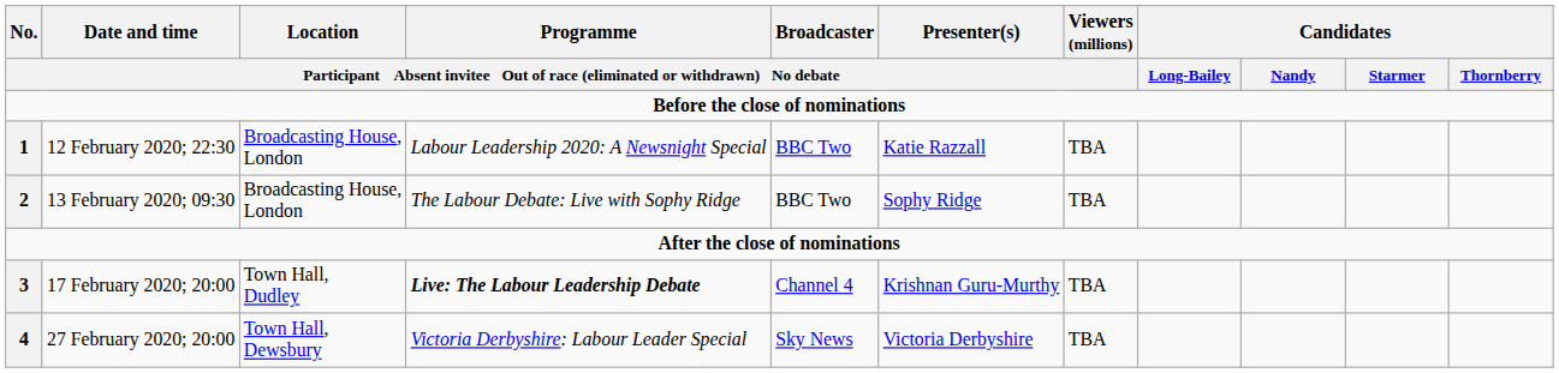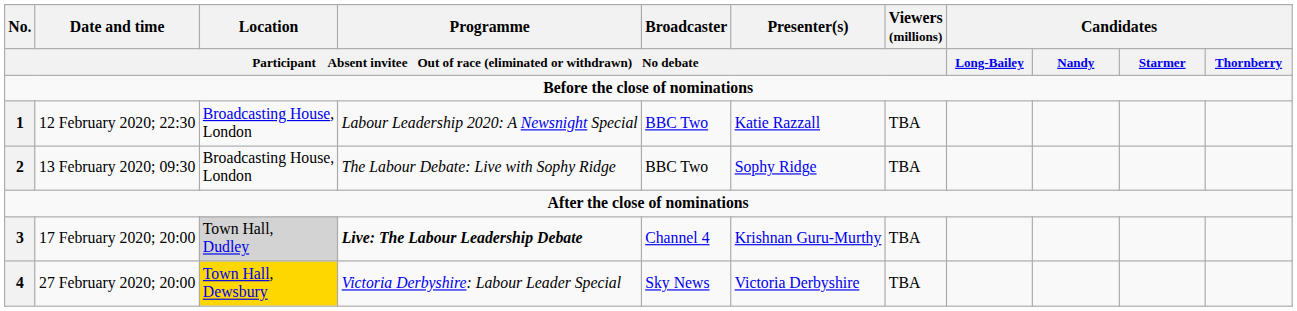 <table class="wikitable" style="font-size:85%">
 <tr>
 <th style="white-space:nowrap;">No.</th>
 <th>Date and time</th>
 <th>Location</th>
 <th>Programme</th>
 <th>Broadcaster</th>
 <th>Presenter(s)</th>
 <th>Viewers <br><small>(millions)</small></th>
 <th colspan="6" scope="col">Candidates</th>
 </tr>
 <tr>
 <th colspan="7"><small> Participant     Absent invitee       Out of race (eliminated or withdrawn)     No debate</small></th>
 <th scope="col" style="width:5em;"><small><a href='#'>Long-Bailey</a></small></th>
 <th scope="col" style="width:5em;"><small><a href='#'>Nandy</a></small></th>
 <th scope="col" style="width:5em;"><small><a href='#'>Starmer</a></small></th>
 <th scope="col" style="width:5em;"><small><a href='#'>Thornberry</a></small></th>
 </tr>
 <tr>
 <td colspan="22" style="background:#F9F9F9; color:black; vertical-align: top; text-align: center;" class="table-no"><strong>Before the close of nominations</strong></td>
 </tr>
 <tr>
 <th>1</th>
 <td style="white-space:nowrap;">12 February 2020; 22:30</td>
 <td style="white-space:nowrap;"><a href='#'>Broadcasting House</a>,<br>London</td>
 <td style="white-space:nowrap;"><em>Labour Leadership 2020: A <a href='#'>Newsnight</a> Special</em></td>
 <td style="white-space:nowrap;"><a href='#'>BBC Two</a></td>
 <td style="white-space:nowrap;"><a href='#'>Katie Razzall</a></td>
 <td>TBA</td>
 <td></td>
 <td></td>
 <td></td>
 <td></td>
 </tr>
 <tr>
 <th>2</th>
 <td style="white-space:nowrap;">13 February 2020; 09:30</td>
 <td style="white-space:nowrap;">Broadcasting House,<br>London</td>
 <td style="white-space:nowrap;"><em>The Labour Debate: Live with Sophy Ridge</em></td>
 <td style="white-space:nowrap;">BBC Two</td>
 <td style="white-space:nowrap;"><a href='#'>Sophy Ridge</a></td>
 <td>TBA</td>
 <td></td>
 <td></td>
 <td></td>
 <td></td>
 </tr>
 <tr>
 <td colspan="22" style="background:#F9F9F9; color:black; vertical-align: top; text-align: center;" class="table-no"><strong>After the close of nominations</strong></td>
 </tr>
 <tr>
 <th>3</th>
 <td style="white-space:nowrap;">17 February 2020; 20:00</td>
-<td style="white-space:nowrap;">Town Hall,<br><a href='#'>Dudley</a></td>
+<td style="background: lightgrey; white-space:nowrap;">Town Hall,<br><a href='#'>Dudley</a></td>
 <td style="white-space:nowrap;"><strong><em>Live: The Labour Leadership Debate</em></strong></td>
 <td style="white-space:nowrap;"><a href='#'>Channel 4</a></td>
 <td style="white-space:nowrap;"><a href='#'>Krishnan Guru-Murthy</a></td>
 <td>TBA</td>
 <td></td>
 <td></td>
 <td></td>
 <td></td>
 </tr>
 <tr>
 <th>4</th>
 <td style="white-space:nowrap;">27 February 2020; 20:00</td>
-<td style="white-space:nowrap;"><a href='#'>Town Hall</a>,<br><a href='#'>Dewsbury</a></td>
+<td style="background: gold; white-space:nowrap;"><a href='#'>Town Hall</a>,<br><a href='#'>Dewsbury</a></td>
 <td style="white-space:nowrap;"><em><a href='#'>Victoria Derbyshire</a>: Labour Leader Special</em></td>
 <td style="white-space:nowrap;"><a href='#'>Sky News</a></td>
 <td style="white-space:nowrap;"><a href='#'>Victoria Derbyshire</a></td>
 <td>TBA</td>
 <td></td>
 <td></td>
 <td></td>
 <td></td>
 </tr>
 </table>
